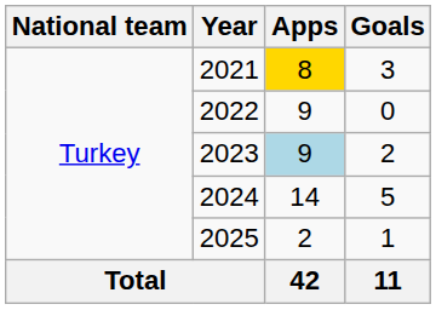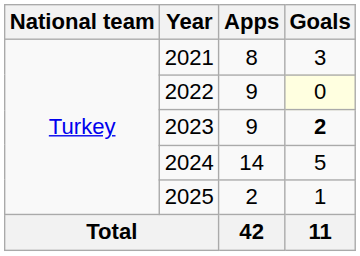 <table class="wikitable" style="text-align:center">
 <tr>
 <th>National team</th>
 <th>Year</th>
 <th>Apps</th>
 <th>Goals</th>
 </tr>
 <tr>
 <td rowspan="5"><a href='#'>Turkey</a></td>
 <td>2021</td>
-<td style="background: gold;">8</td>
+<td>8</td>
 <td>3</td>
 </tr>
 <tr>
 <td>2022</td>
 <td>9</td>
-<td>0</td>
+<td style="background: lightyellow;">0</td>
 </tr>
 <tr>
 <td>2023</td>
-<td style="background: lightblue;">9</td>
-<td>2</td>
+<td>9</td>
+<td><strong>2</strong></td>
 </tr>
 <tr>
 <td>2024</td>
 <td>14</td>
 <td>5</td>
 </tr>
 <tr>
 <td>2025</td>
 <td>2</td>
 <td>1</td>
 </tr>
 <tr>
 <th colspan="2">Total</th>
 <th>42</th>
 <th>11</th>
 </tr>
 </table>
